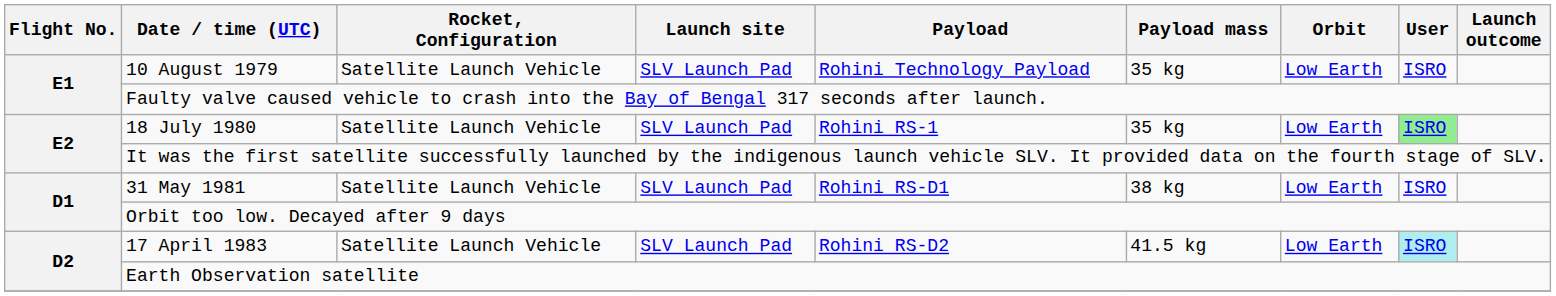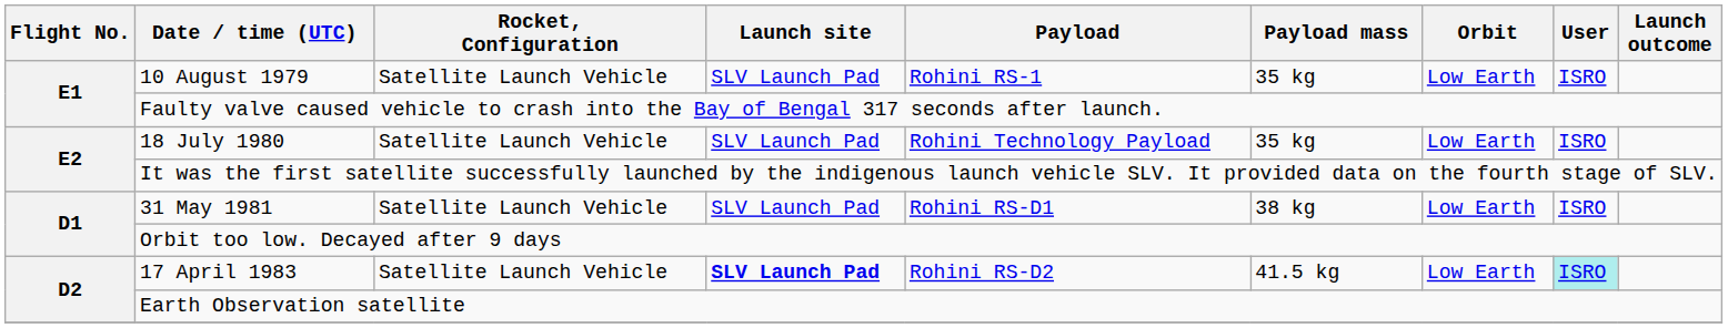 <table class="wikitable plainrowheaders">
 <tr>
 <th scope="col">Flight No.</th>
 <th scope="col">Date / time (<a href='#'>UTC</a>)</th>
 <th scope="col">Rocket, <br> Configuration</th>
 <th scope="col">Launch site</th>
 <th scope="col">Payload</th>
 <th scope="col">Payload mass</th>
 <th scope="col">Orbit</th>
 <th scope="col">User</th>
 <th scope="col">Launch <br> outcome</th>
 </tr>
 <tr>
 <th scope="row" rowspan=2 style="text-align:center;">E1</th>
 <td>10 August 1979</td>
 <td>Satellite Launch Vehicle</td>
 <td><a href='#'>SLV Launch Pad</a></td>
-<td><a href='#'>Rohini Technology Payload</a></td>
+<td><a href='#'>Rohini RS-1</a></td>
 <td>35 kg</td>
 <td><a href='#'>Low Earth</a></td>
 <td><a href='#'>ISRO</a></td>
 <td></td>
 </tr>
 <tr>
 <td colspan="8">Faulty valve caused vehicle to crash into the <a href='#'>Bay of Bengal</a> 317 seconds after launch.</td>
 </tr>
 <tr>
 <th scope="row" rowspan=2 style="text-align:center;">E2</th>
 <td>18 July 1980</td>
 <td>Satellite Launch Vehicle</td>
 <td><a href='#'>SLV Launch Pad</a></td>
-<td><a href='#'>Rohini RS-1</a></td>
+<td><a href='#'>Rohini Technology Payload</a></td>
 <td>35 kg</td>
 <td><a href='#'>Low Earth</a></td>
-<td style="background: lightgreen;"><a href='#'>ISRO</a></td>
+<td><a href='#'>ISRO</a></td>
 <td> </td>
 </tr>
 <tr>
 <td colspan="8">It was the first satellite successfully launched by the indigenous launch vehicle SLV. It provided data on the fourth stage of SLV.</td>
 </tr>
 <tr>
 <th scope="row" rowspan=2 style="text-align:center;">D1</th>
 <td>31 May 1981</td>
 <td>Satellite Launch Vehicle</td>
 <td><a href='#'>SLV Launch Pad</a></td>
 <td><a href='#'>Rohini RS-D1</a></td>
 <td>38 kg</td>
 <td><a href='#'>Low Earth</a></td>
 <td><a href='#'>ISRO</a></td>
 <td></td>
 </tr>
 <tr>
 <td colspan="8">Orbit too low.  Decayed after 9 days</td>
 </tr>
 <tr>
 <th scope="row" rowspan=2 style="text-align:center;">D2</th>
 <td>17 April 1983</td>
 <td>Satellite Launch Vehicle</td>
-<td><a href='#'>SLV Launch Pad</a></td>
+<td><strong><a href='#'>SLV Launch Pad</a></strong></td>
 <td><a href='#'>Rohini RS-D2</a></td>
 <td>41.5 kg</td>
 <td><a href='#'>Low Earth</a></td>
 <td style="background: paleturquoise;"><a href='#'>ISRO</a></td>
 <td></td>
 </tr>
 <tr>
 <td colspan="8">Earth Observation satellite</td>
 </tr>
 <tr>
 </tr>
 </table>
